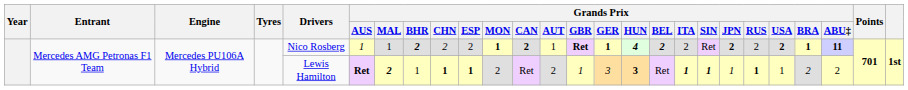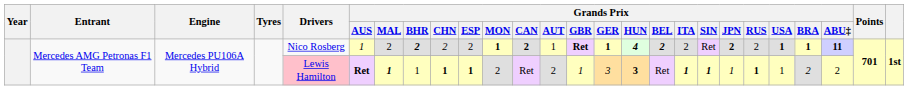 <table class="wikitable" style="text-align:center; font-size:90%">
 <tr>
 <th rowspan="2">Year</th>
 <th rowspan="2">Entrant</th>
 <th rowspan="2">Engine</th>
 <th rowspan="2">Tyres</th>
 <th rowspan="2">Drivers</th>
 <th colspan="19">Grands Prix</th>
 <th rowspan="2">Points</th>
 <th rowspan="2"></th>
 </tr>
 <tr>
 <th><a href='#'>AUS</a></th>
 <th><a href='#'>MAL</a></th>
 <th><a href='#'>BHR</a></th>
 <th><a href='#'>CHN</a></th>
 <th><a href='#'>ESP</a></th>
 <th><a href='#'>MON</a></th>
 <th><a href='#'>CAN</a></th>
 <th><a href='#'>AUT</a></th>
 <th><a href='#'>GBR</a></th>
 <th><a href='#'>GER</a></th>
 <th><a href='#'>HUN</a></th>
 <th><a href='#'>BEL</a></th>
 <th><a href='#'>ITA</a></th>
 <th><a href='#'>SIN</a></th>
 <th><a href='#'>JPN</a></th>
 <th><a href='#'>RUS</a></th>
 <th><a href='#'>USA</a></th>
 <th><a href='#'>BRA</a></th>
 <th><a href='#'>ABU</a>‡</th>
 </tr>
 <tr>
 <th rowspan=2></th>
 <td rowspan=2><a href='#'>Mercedes AMG Petronas F1 Team</a></td>
 <td rowspan=2><a href='#'>Mercedes PU106A Hybrid</a></td>
 <td rowspan=2></td>
 <td align="center"><a href='#'>Nico Rosberg</a></td>
 <td style="background-color:#ffffbf"><em>1</em></td>
-<td style="background-color:#DFDFDF">1</td>
+<td style="background-color:#DFDFDF">2</td>
 <td style="background-color:#DFDFDF"><strong><em>2</em></strong></td>
 <td style="background-color:#DFDFDF"><em>2</em></td>
 <td style="background-color:#DFDFDF">2</td>
 <td style="background-color:#ffffbf"><strong>1</strong></td>
 <td style="background-color:#dfdfdf"><strong>2</strong></td>
 <td style="background-color:#ffffbf">1</td>
 <td style="background-color:#efcfff"><strong>Ret</strong></td>
 <td style="background-color:#ffffbf"><strong>1</strong></td>
 <td style="background-color:#dfffdf"><strong><em>4</em></strong></td>
 <td style="background-color:#dfdfdf"><strong><em>2</em></strong></td>
 <td style="background-color:#dfdfdf">2</td>
 <td style="background-color:#efcfff">Ret</td>
 <td style="background-color:#DFDFDF"><strong>2</strong></td>
 <td style="background-color:#DFDFDF">2</td>
-<td style="background-color:#DFDFDF"><strong>2</strong></td>
+<td style="background-color:#DFDFDF"><strong>1</strong></td>
 <td style="background-color:#ffffbf"><strong>1</strong></td>
 <td style="background-color:#cfcfff"><strong>11</strong></td>
 <td rowspan="2" style="background-color:#ffffbf"><strong>701</strong></td>
 <td rowspan="2" style="background-color:#ffffbf"><strong>1st</strong></td>
 </tr>
 <tr>
-<td align="center"><a href='#'>Lewis Hamilton</a></td>
+<td align="center" style="background: pink;"><a href='#'>Lewis Hamilton</a></td>
 <td style="background-color:#efcfff"><strong>Ret</strong></td>
-<td style="background-color:#ffffbf"><strong><em>2</em></strong></td>
+<td style="background-color:#ffffbf"><strong><em>1</em></strong></td>
 <td style="background-color:#ffffbf">1</td>
 <td style="background-color:#ffffbf"><strong>1</strong></td>
 <td style="background-color:#ffffbf"><strong>1</strong></td>
 <td style="background-color:#DFDFDF">2</td>
 <td style="background-color:#efcfff">Ret</td>
 <td style="background-color:#DFDFDF">2</td>
 <td style="background-color:#ffffbf"><em>1</em></td>
 <td style="background-color:#ffdf9f"><em>3</em></td>
 <td style="background-color:#ffdf9f"><strong>3</strong></td>
 <td style="background-color:#efcfff">Ret</td>
 <td style="background-color:#ffffbf"><strong><em>1</em></strong></td>
 <td style="background-color:#ffffbf"><strong><em>1</em></strong></td>
 <td style="background-color:#ffffbf"><em>1</em></td>
 <td style="background-color:#ffffbf"><strong>1</strong></td>
 <td style="background-color:#ffffbf">1</td>
 <td style="background-color:#DFDFDF"><em>2</em></td>
 <td style="background-color:#ffffbf">2</td>
 </tr>
 </table>
